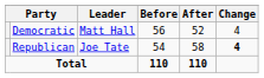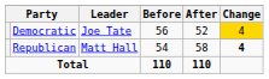 <table class="wikitable" style="text-align:center;">
 <tr>
 </tr>
 <tr>
 <th colspan="2">Party</th>
 <th>Leader</th>
 <th style="width:3em">Before</th>
 <th style="width:3em">After</th>
 <th style="width:3em">Change</th>
 </tr>
 <tr>
 <th style="background-color:"></th>
 <td style="text-align:left;"><a href='#'>Democratic</a></td>
-<td style="text-align:left;"><a href='#'>Matt Hall</a></td>
+<td style="text-align:left;"><a href='#'>Joe Tate</a></td>
 <td>56</td>
 <td>52</td>
-<td> 4</td>
+<td style="background: gold;"> 4</td>
 </tr>
 <tr>
 <th style="background-color:"></th>
 <td style="text-align:left;"><a href='#'>Republican</a></td>
-<td style="text-align:left;"><a href='#'>Joe Tate</a></td>
+<td style="text-align:left;"><a href='#'>Matt Hall</a></td>
 <td>54</td>
 <td>58</td>
 <td><strong> 4</strong></td>
 </tr>
 <tr>
 <td colspan="3"><strong>Total</strong></td>
 <td><strong>110</strong></td>
 <td><strong>110</strong></td>
 <td></td>
 </tr>
 </table>
